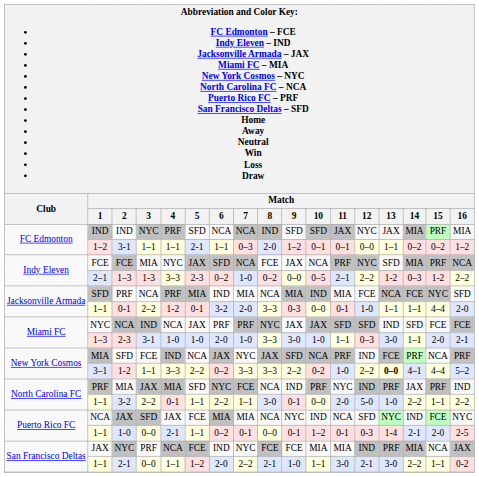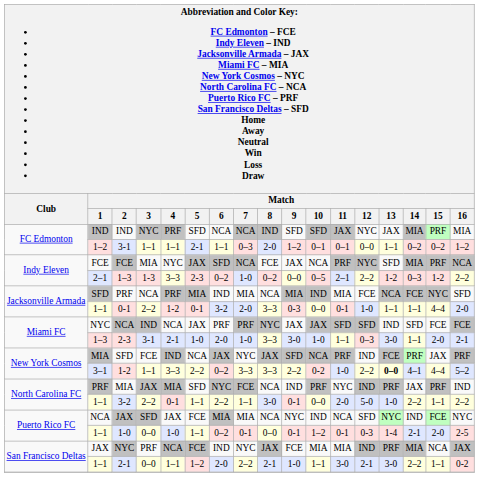 <table class="wikitable" style="text-align:center; font-size: 85%">
 <tr>
 <th colspan="17">Abbreviation and Color Key:<br><ul><li><a href='#'>FC Edmonton</a> – FCE</li><li><a href='#'>Indy Eleven</a> – IND</li><li><a href='#'>Jacksonville Armada</a> – JAX</li><li><a href='#'>Miami FC</a> – MIA</li><li><a href='#'>New York Cosmos</a> – NYC</li><li><a href='#'>North Carolina FC</a> – NCA</li><li><a href='#'>Puerto Rico FC</a> – PRF</li><li><a href='#'>San Francisco Deltas</a> – SFD</li><li><span>Home</span></li><li><span>Away</span></li><li><span>Neutral</span></li><li><span>Win</span></li><li><span>Loss</span></li><li><span>Draw</span> </li></ul></th>
 </tr>
 <tr>
 <th rowspan="2">Club</th>
 <th colspan="16">Match</th>
 </tr>
 <tr>
 <th>1</th>
 <th>2</th>
 <th>3</th>
 <th>4</th>
 <th>5</th>
 <th>6</th>
 <th>7</th>
 <th>8</th>
 <th>9</th>
 <th>10</th>
 <th>11</th>
 <th>12</th>
 <th>13</th>
 <th>14</th>
 <th>15</th>
 <th>16<br></th>
 </tr>
 <tr>
 <td rowspan="2"><a href='#'>FC Edmonton</a></td>
 <td bgcolor=#C0C0C0>IND</td>
 <td>IND</td>
 <td bgcolor=#C0C0C0>NYC</td>
 <td bgcolor=#C0C0C0>PRF</td>
 <td>SFD</td>
 <td>NCA</td>
 <td bgcolor=#C0C0C0>NCA</td>
 <td bgcolor=#C0C0C0>IND</td>
 <td>SFD</td>
 <td bgcolor=#C0C0C0>SFD</td>
 <td bgcolor=#C0C0C0>JAX</td>
 <td>NYC</td>
 <td>JAX</td>
 <td bgcolor=#C0C0C0>MIA</td>
 <td bgcolor=#C0FFC0>PRF</td>
 <td>MIA</td>
 </tr>
 <tr>
 <td bgcolor=#FFDFDF>1–2</td>
 <td bgcolor=#DFE7FF>3-1</td>
 <td bgcolor=#FFFFDD>1–1</td>
 <td bgcolor=#FFFFDD>1–1</td>
 <td bgcolor=#DFE7FF>2-1</td>
 <td bgcolor=#FFFFDD>1–1</td>
 <td bgcolor=#FFDFDF>0–3</td>
 <td bgcolor=#DFE7FF>2-0</td>
 <td bgcolor=#FFDFDF>1–2</td>
 <td bgcolor=#FFDFDF>0–1</td>
 <td bgcolor=#FFDFDF>0–1</td>
 <td bgcolor=#FFFFDD>0–0</td>
 <td bgcolor=#FFFFDD>1–1</td>
 <td bgcolor=#FFDFDF>0–2</td>
 <td bgcolor=#FFDFDF>0–2</td>
 <td bgcolor=#FFDFDF>1–2</td>
 </tr>
 <tr>
 <td rowspan="2"><a href='#'>Indy Eleven</a></td>
 <td>FCE</td>
 <td bgcolor=#C0C0C0>FCE</td>
 <td>MIA</td>
 <td>NYC</td>
 <td bgcolor=#C0C0C0>JAX</td>
 <td bgcolor=#C0C0C0>SFD</td>
 <td bgcolor=#C0C0C0>NCA</td>
 <td>FCE</td>
 <td>JAX</td>
 <td>NCA</td>
 <td bgcolor=#C0C0C0>PRF</td>
 <td bgcolor=#C0C0C0>NYC</td>
 <td>SFD</td>
 <td bgcolor=#C0C0C0>MIA</td>
 <td bgcolor=#C0C0C0>PRF</td>
 <td bgcolor=#C0C0C0>NCA</td>
 </tr>
 <tr>
 <td bgcolor=#DFE7FF>2–1</td>
 <td bgcolor=#FFDFDF>1–3</td>
 <td bgcolor=#FFDFDF>1-3</td>
 <td bgcolor=#FFFFDD>3–3</td>
 <td bgcolor=#FFDFDF>2-3</td>
 <td bgcolor=#FFDFDF>0–2</td>
 <td bgcolor=#DFE7FF>1-0</td>
 <td bgcolor=#FFDFDF>0–2</td>
 <td bgcolor=#FFFFDD>0–0</td>
 <td bgcolor=#FFDFDF>0–5</td>
 <td bgcolor=#DFE7FF>2–1</td>
 <td bgcolor=#FFFFDD>2–2</td>
 <td bgcolor=#FFDFDF>1-2</td>
 <td bgcolor=#FFDFDF>0–3</td>
 <td bgcolor=#FFDFDF>1-2</td>
 <td bgcolor=#FFFFDD>2–2</td>
 </tr>
 <tr>
 <td rowspan="2"><a href='#'>Jacksonville Armada</a></td>
 <td bgcolor=#C0C0C0>SFD</td>
 <td>PRF</td>
 <td>NCA</td>
 <td bgcolor=#C0C0C0>PRF</td>
 <td bgcolor=#C0C0C0>MIA</td>
 <td>IND</td>
 <td>MIA</td>
 <td>NCA</td>
 <td bgcolor=#C0C0C0>MIA</td>
 <td bgcolor=#C0C0C0>IND</td>
 <td>MIA</td>
 <td>FCE</td>
 <td bgcolor=#C0C0C0>NCA</td>
 <td bgcolor=#C0C0C0>FCE</td>
 <td bgcolor=#C0C0C0>NYC</td>
 <td>SFD</td>
 </tr>
 <tr>
 <td bgcolor=#FFFFDD>1–1</td>
 <td bgcolor=#FFDFDF>0-1</td>
 <td bgcolor=#FFFFDD>2–2</td>
 <td bgcolor=#FFDFDF>1-2</td>
 <td bgcolor=#FFDFDF>0-1</td>
 <td bgcolor=#DFE7FF>3-2</td>
 <td bgcolor=#DFE7FF>2-0</td>
 <td bgcolor=#FFFFDD>3–3</td>
 <td bgcolor=#FFDFDF>0-3</td>
 <td bgcolor=#FFFFDD>0–0</td>
 <td bgcolor=#FFDFDF>0-1</td>
 <td bgcolor=#DFE7FF>1-0</td>
 <td bgcolor=#FFFFDD>1–1</td>
 <td bgcolor=#FFFFDD>1–1</td>
 <td bgcolor=#FFFFDD>4–4</td>
 <td bgcolor=#DFE7FF>2-0</td>
 </tr>
 <tr>
 <td rowspan="2"><a href='#'>Miami FC</a></td>
 <td>NYC</td>
 <td bgcolor=#C0C0C0>NCA</td>
 <td bgcolor=#C0C0C0>IND</td>
 <td>NCA</td>
 <td>JAX</td>
 <td>PRF</td>
 <td bgcolor=#C0C0C0>PRF</td>
 <td bgcolor=#C0C0C0>NYC</td>
 <td>JAX</td>
 <td bgcolor=#C0C0C0>JAX</td>
 <td bgcolor=#C0C0C0>SFD</td>
 <td bgcolor=#C0C0C0>SFD</td>
 <td>IND</td>
 <td>SFD</td>
 <td>FCE</td>
 <td bgcolor=#C0C0C0>FCE</td>
 </tr>
 <tr>
 <td bgcolor=#FFDFDF>1–3</td>
 <td bgcolor=#FFDFDF>2-3</td>
 <td bgcolor=#DFE7FF>3-1</td>
-<td bgcolor=#DFE7FF>1-0</td>
+<td bgcolor=#DFE7FF>2-1</td>
 <td bgcolor=#DFE7FF>1-0</td>
 <td bgcolor=#DFE7FF>2-0</td>
 <td bgcolor=#DFE7FF>1-0</td>
 <td bgcolor=#FFFFDD>3–3</td>
 <td bgcolor=#DFE7FF>3-0</td>
 <td bgcolor=#DFE7FF>1-0</td>
 <td bgcolor=#FFFFDD>1–1</td>
 <td bgcolor=#FFDFDF>0–3</td>
 <td bgcolor=#DFE7FF>3-0</td>
 <td bgcolor=#FFFFDD>1–1</td>
 <td bgcolor=#DFE7FF>2-0</td>
 <td bgcolor=#DFE7FF>2-1</td>
 </tr>
 <tr>
 <td rowspan="2"><a href='#'>New York Cosmos</a></td>
 <td bgcolor=#C0C0C0>MIA</td>
 <td>SFD</td>
 <td>FCE</td>
 <td bgcolor=#C0C0C0>IND</td>
 <td>NCA</td>
 <td bgcolor=#C0C0C0>JAX</td>
 <td>NYC</td>
 <td bgcolor=#C0C0C0>JAX</td>
 <td bgcolor=#C0C0C0>SFD</td>
 <td bgcolor=#C0C0C0>NCA</td>
 <td bgcolor=#C0C0C0>PRF</td>
 <td>IND</td>
 <td bgcolor=#C0C0C0>FCE</td>
 <td bgcolor=#C0FFC0>PRF</td>
-<td>NCA</td>
+<td>JAX</td>
 <td bgcolor=#C0C0C0>PRF</td>
 </tr>
 <tr>
 <td bgcolor=#DFE7FF>3–1</td>
 <td bgcolor=#FFDFDF>1-2</td>
 <td bgcolor=#FFFFDD>1–1</td>
 <td bgcolor=#FFFFDD>3–3</td>
 <td bgcolor=#FFFFDD>2–2</td>
 <td bgcolor=#FFDFDF>0–2</td>
 <td bgcolor=#FFFFDD>3–3</td>
 <td bgcolor=#FFFFDD>3–3</td>
 <td bgcolor=#FFFFDD>2–2</td>
 <td bgcolor=#FFDFDF>0-2</td>
 <td bgcolor=#DFE7FF>1-0</td>
 <td bgcolor=#FFFFDD>2–2</td>
 <td bgcolor=#FFFFDD><strong>0–0</strong></td>
 <td bgcolor=#DFE7FF>4–1</td>
 <td bgcolor=#FFFFDD>4–4</td>
 <td bgcolor=#DFE7FF>5–2</td>
 </tr>
 <tr>
 <td rowspan="2"><a href='#'>North Carolina FC</a></td>
 <td bgcolor=#C0C0C0>PRF</td>
 <td>MIA</td>
 <td bgcolor=#C0C0C0>JAX</td>
 <td bgcolor=#C0C0C0>MIA</td>
 <td>SFD</td>
 <td bgcolor=#C0C0C0>NYC</td>
 <td bgcolor=#C0C0C0>FCE</td>
 <td>NCA</td>
 <td>IND</td>
 <td bgcolor=#C0C0C0>PRF</td>
 <td>NYC</td>
 <td bgcolor=#C0C0C0>IND</td>
 <td bgcolor=#C0C0C0>PRF</td>
 <td>JAX</td>
 <td bgcolor=#C0C0C0>PRF</td>
 <td>IND</td>
 </tr>
 <tr>
 <td bgcolor=#FFFFDD>1–1</td>
 <td bgcolor=#DFE7FF>3-2</td>
 <td bgcolor=#FFFFDD>2–2</td>
 <td bgcolor=#FFDFDF>0-1</td>
 <td bgcolor=#FFFFDD>1–1</td>
 <td bgcolor=#FFFFDD>2–2</td>
 <td bgcolor=#FFFFDD>1–1</td>
 <td bgcolor=#DFE7FF>3-0</td>
 <td bgcolor=#FFDFDF>0-1</td>
 <td bgcolor=#FFFFDD>0–0</td>
 <td bgcolor=#DFE7FF>2-0</td>
 <td bgcolor=#DFE7FF>5-0</td>
 <td bgcolor=#DFE7FF>1-0</td>
 <td bgcolor=#FFFFDD>2–2</td>
 <td bgcolor=#FFFFDD>1–1</td>
 <td bgcolor=#FFFFDD>2–2</td>
 </tr>
 <tr>
 <td rowspan="2"><a href='#'>Puerto Rico FC</a></td>
 <td>NCA</td>
 <td bgcolor=#C0C0C0>JAX</td>
 <td bgcolor=#C0C0C0>SFD</td>
 <td>JAX</td>
 <td>FCE</td>
 <td bgcolor=#C0C0C0>MIA</td>
 <td>MIA</td>
 <td>NCA</td>
 <td>NYC</td>
 <td>IND</td>
 <td>NCA</td>
 <td>SFD</td>
 <td bgcolor=#C0FFC0>NYC</td>
 <td>IND</td>
 <td bgcolor=#C0FFC0>FCE</td>
 <td>NYC</td>
 </tr>
 <tr>
 <td bgcolor=#FFFFDD>1–1</td>
 <td bgcolor=#DFE7FF>1-0</td>
 <td bgcolor=#FFFFDD>0–0</td>
-<td bgcolor=#DFE7FF>2-1</td>
+<td bgcolor=#DFE7FF>1-0</td>
 <td bgcolor=#FFFFDD>1–1</td>
 <td bgcolor=#FFDFDF>0–2</td>
 <td bgcolor=#FFDFDF>0-1</td>
 <td bgcolor=#FFFFDD>0–0</td>
 <td bgcolor=#FFDFDF>0-1</td>
 <td bgcolor=#FFDFDF>1–2</td>
 <td bgcolor=#FFDFDF>0-1</td>
 <td bgcolor=#FFDFDF>0-3</td>
 <td bgcolor=#FFDFDF>1-4</td>
 <td bgcolor=#DFE7FF>2-1</td>
 <td bgcolor=#DFE7FF>2-0</td>
 <td bgcolor=#FFDFDF>2-5</td>
 </tr>
 <tr>
 <td rowspan="2"><a href='#'>San Francisco Deltas</a></td>
 <td>JAX</td>
 <td bgcolor=#C0C0C0>NYC</td>
 <td>PRF</td>
 <td bgcolor=#C0C0C0>NCA</td>
 <td bgcolor=#C0C0C0>FCE</td>
 <td>IND</td>
 <td>NYC</td>
-<td bgcolor=#C0C0C0>FCE</td>
+<td bgcolor=#C0C0C0>JAX</td>
 <td>FCE</td>
 <td>MIA</td>
 <td>MIA</td>
 <td bgcolor=#C0C0C0>IND</td>
 <td bgcolor=#C0C0C0>PRF</td>
 <td bgcolor=#C0C0C0>MIA</td>
 <td>NCA</td>
 <td bgcolor=#C0C0C0>JAX</td>
 </tr>
 <tr>
 <td bgcolor=#FFFFDD>1–1</td>
 <td bgcolor=#DFE7FF>2-1</td>
 <td bgcolor=#FFFFDD>0–0</td>
 <td bgcolor=#FFFFDD>1–1</td>
 <td bgcolor=#FFDFDF>1–2</td>
 <td bgcolor=#DFE7FF>2-0</td>
 <td bgcolor=#FFFFDD>2–2</td>
 <td bgcolor=#DFE7FF>2-1</td>
 <td bgcolor=#DFE7FF>1-0</td>
 <td bgcolor=#FFFFDD>1–1</td>
 <td bgcolor=#DFE7FF>3-0</td>
 <td bgcolor=#DFE7FF>2-1</td>
 <td bgcolor=#DFE7FF>3-0</td>
 <td bgcolor=#FFFFDD>2–2</td>
 <td bgcolor=#FFFFDD>1–1</td>
 <td bgcolor=#FFDFDF>0-2</td>
 </tr>
 <tr>
 </tr>
 </table>
